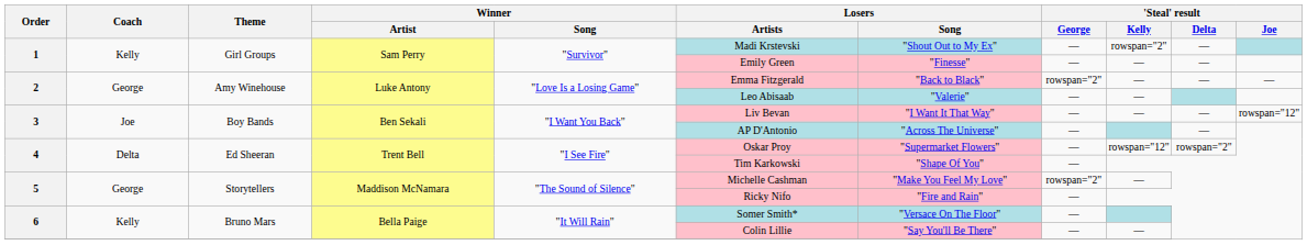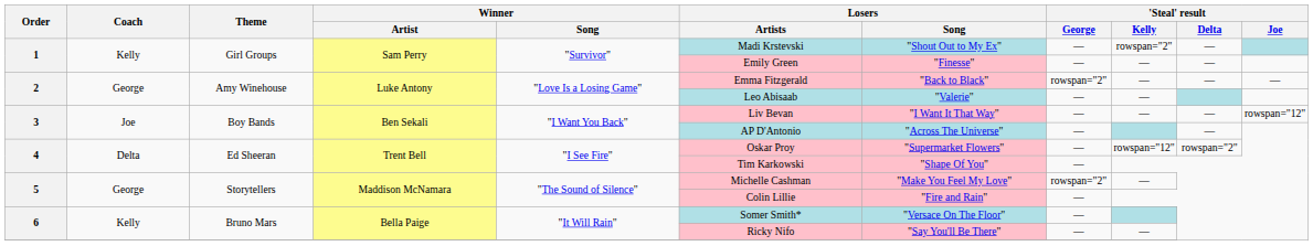 <table class="wikitable" style="text-align: center; width: auto;">
 <tr>
 <th rowspan="2" style="width:5%;">Order</th>
 <th rowspan="2" style="width:10%;">Coach</th>
 <th rowspan="2" style="width:10%;">Theme</th>
 <th colspan="2" style="width:15%;">Winner</th>
 <th colspan="2" style="width:60%;">Losers</th>
 <th colspan="4" style="width:20%;">'Steal' result</th>
 </tr>
 <tr>
 <th style="width:15%;">Artist</th>
 <th style="width:15%;">Song</th>
 <th style="width:15%;">Artists</th>
 <th style="width:15%;">Song</th>
 <th style="width:5%;"><a href='#'>George</a></th>
 <th style="width:5%;"><a href='#'>Kelly</a></th>
 <th style="width:5%;"><a href='#'>Delta</a></th>
 <th style="width:5%;"><a href='#'>Joe</a></th>
 </tr>
 <tr>
 <th rowspan="2">1</th>
 <td rowspan="2">Kelly</td>
 <td rowspan="2">Girl Groups</td>
 <td rowspan="2" bgcolor="#fdfc8f">Sam Perry</td>
 <td rowspan="2">"<a href='#'>Survivor</a>"</td>
 <td bgcolor="#B0E0E6">Madi Krstevski</td>
 <td bgcolor="#B0E0E6">"<a href='#'>Shout Out to My Ex</a>"</td>
 <td>—</td>
 <td>rowspan="2" </td>
 <td>—</td>
 <td style="background-color:#B0E0E6;"> <strong></strong> </td>
 </tr>
 <tr>
 <td bgcolor="pink">Emily Green</td>
 <td bgcolor="pink">"<a href='#'>Finesse</a>"</td>
 <td>—</td>
 <td>—</td>
 <td>—</td>
 </tr>
 <tr>
 <th rowspan="2">2</th>
 <td rowspan="2">George</td>
 <td rowspan="2">Amy Winehouse</td>
 <td rowspan="2" bgcolor="#fdfc8f">Luke Antony</td>
 <td rowspan="2">"<a href='#'>Love Is a Losing Game</a>"</td>
 <td bgcolor="pink">Emma Fitzgerald</td>
 <td bgcolor="pink">"<a href='#'>Back to Black</a>"</td>
 <td>rowspan="2" </td>
 <td>—</td>
 <td>—</td>
 <td>—</td>
 </tr>
 <tr>
 <td bgcolor="#B0E0E6">Leo Abisaab</td>
 <td bgcolor="#B0E0E6">"<a href='#'>Valerie</a>"</td>
 <td>—</td>
 <td>—</td>
 <td style="background-color:#B0E0E6;"> <strong></strong> </td>
 </tr>
 <tr>
 <th rowspan="2">3</th>
 <td rowspan="2">Joe</td>
 <td rowspan="2">Boy Bands</td>
 <td rowspan="2" bgcolor="#fdfc8f">Ben Sekali</td>
 <td rowspan="2">"<a href='#'>I Want You Back</a>"</td>
 <td bgcolor="pink">Liv Bevan</td>
 <td bgcolor="pink">"<a href='#'>I Want It That Way</a>"</td>
 <td>—</td>
 <td>—</td>
 <td>—</td>
 <td>rowspan="12" </td>
 </tr>
 <tr>
 <td bgcolor="#B0E0E6">AP D'Antonio</td>
 <td bgcolor="#B0E0E6">"<a href='#'>Across The Universe</a>"</td>
 <td>—</td>
 <td style="background-color:#B0E0E6;"> <strong></strong> </td>
 <td>—</td>
 </tr>
 <tr>
 <th rowspan="2">4</th>
 <td rowspan="2">Delta</td>
 <td rowspan="2">Ed Sheeran</td>
 <td rowspan="2" bgcolor="#fdfc8f">Trent Bell</td>
 <td rowspan="2">"<a href='#'>I See Fire</a>"</td>
 <td bgcolor="pink">Oskar Proy</td>
 <td bgcolor="pink">"<a href='#'>Supermarket Flowers</a>"</td>
 <td>—</td>
 <td>rowspan="12" </td>
 <td>rowspan="2" </td>
 </tr>
 <tr>
 <td bgcolor="pink">Tim Karkowski</td>
 <td bgcolor="pink">"<a href='#'>Shape Of You</a>"</td>
 <td>—</td>
 </tr>
 <tr>
 <th rowspan="2">5</th>
 <td rowspan="2">George</td>
 <td rowspan="2">Storytellers</td>
 <td rowspan="2" bgcolor="#fdfc8f">Maddison McNamara</td>
 <td rowspan="2">"<a href='#'>The Sound of Silence</a>"</td>
 <td bgcolor="pink">Michelle Cashman</td>
 <td bgcolor="pink">"<a href='#'>Make You Feel My Love</a>"</td>
 <td>rowspan="2" </td>
 <td>—</td>
 </tr>
 <tr>
-<td bgcolor="pink">Ricky Nifo</td>
+<td bgcolor="pink">Colin Lillie</td>
 <td bgcolor="pink">"<a href='#'>Fire and Rain</a>"</td>
 <td>—</td>
 </tr>
 <tr>
 <th rowspan="2">6</th>
 <td rowspan="2">Kelly</td>
 <td rowspan="2">Bruno Mars</td>
 <td rowspan="2" bgcolor="#fdfc8f">Bella Paige</td>
 <td rowspan="2">"<a href='#'>It Will Rain</a>"</td>
 <td bgcolor="#B0E0E6">Somer Smith*</td>
 <td bgcolor="#B0E0E6">"<a href='#'>Versace On The Floor</a>"</td>
 <td>—</td>
 <td style="background-color:#B0E0E6;"> <strong></strong> </td>
 </tr>
 <tr>
-<td bgcolor="pink">Colin Lillie</td>
+<td bgcolor="pink">Ricky Nifo</td>
 <td bgcolor="pink">"<a href='#'>Say You'll Be There</a>"</td>
 <td>—</td>
 <td>—</td>
 </tr>
 <tr>
 </tr>
 </table>
